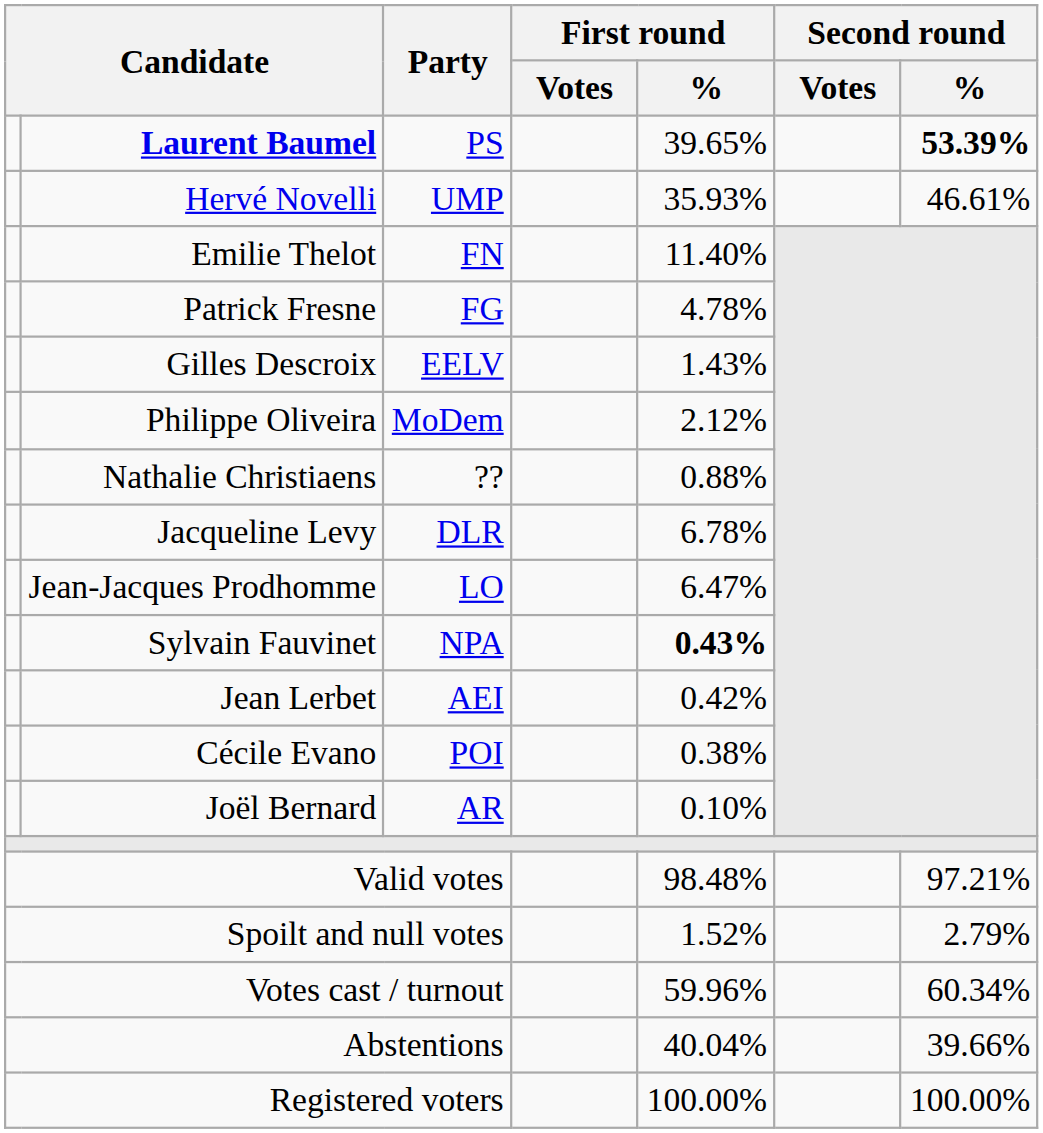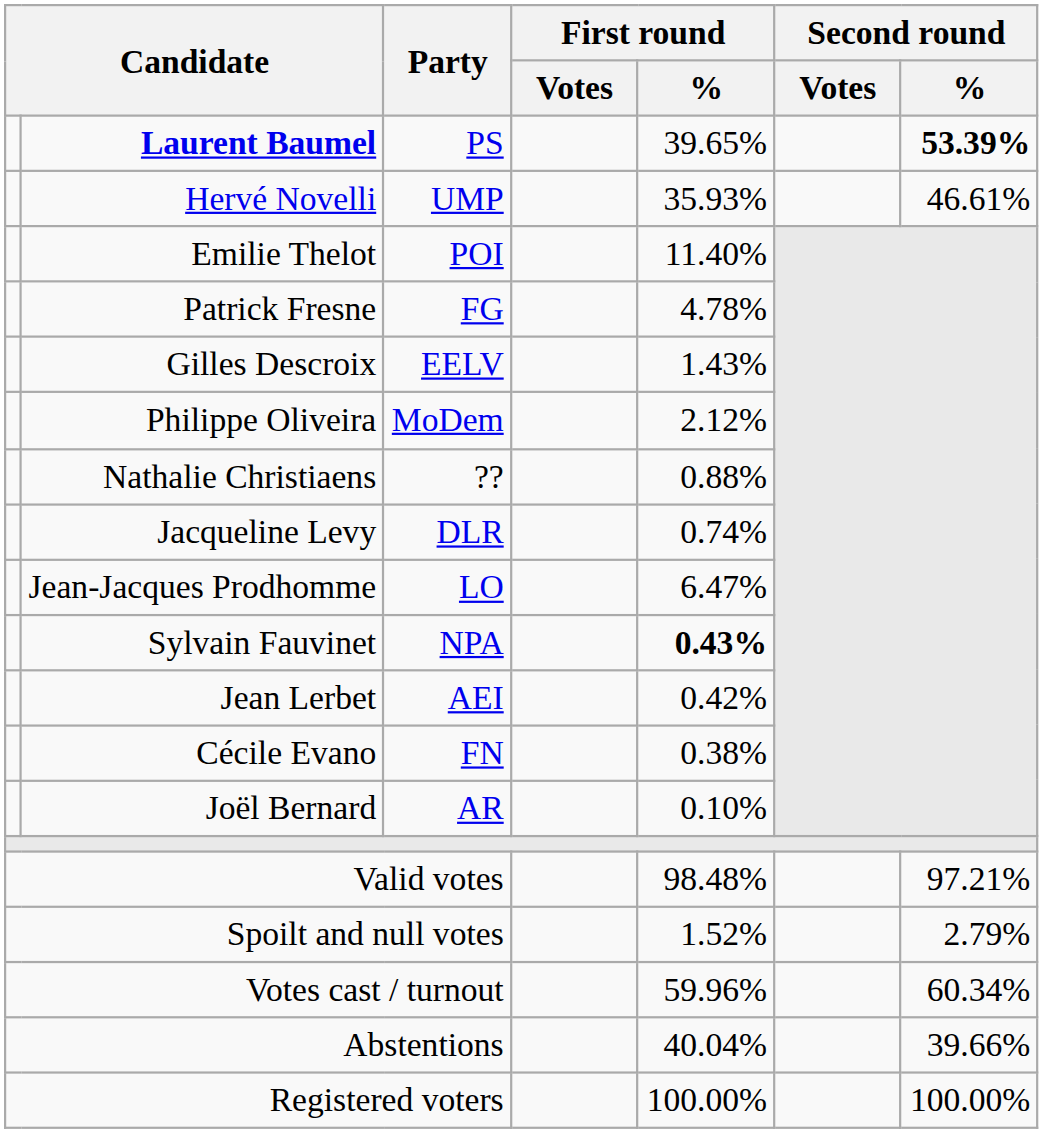 <table class="wikitable" style="text-align:right;font-size:95%;">
 <tr>
 <th rowspan=2 colspan=2>Candidate</th>
 <th rowspan=2 colspan=1>Party</th>
 <th colspan=2>First round</th>
 <th colspan=2>Second round</th>
 </tr>
 <tr>
 <th style="width:50px;">Votes</th>
 <th style="width:55px;">%</th>
 <th style="width:50px;">Votes</th>
 <th style="width:55px;">%</th>
 </tr>
 <tr>
 <td style="color:inherit;background-color:"></td>
 <td><strong><a href='#'>Laurent Baumel</a></strong></td>
 <td><a href='#'>PS</a></td>
 <td></td>
 <td>39.65%</td>
 <td><strong></strong></td>
 <td><strong>53.39%</strong></td>
 </tr>
 <tr>
 <td style="color:inherit;background-color:"></td>
 <td><a href='#'>Hervé Novelli</a></td>
 <td><a href='#'>UMP</a></td>
 <td></td>
 <td>35.93%</td>
 <td></td>
 <td>46.61%</td>
 </tr>
 <tr>
 <td style="color:inherit;background-color:"></td>
 <td>Emilie Thelot</td>
-<td><a href='#'>FN</a></td>
+<td><a href='#'>POI</a></td>
 <td></td>
 <td>11.40%</td>
 <td colspan=7 rowspan=11 style="background-color:#E9E9E9;"></td>
 </tr>
 <tr>
 <td style="color:inherit;background-color:"></td>
 <td>Patrick Fresne</td>
 <td><a href='#'>FG</a></td>
 <td></td>
 <td>4.78%</td>
 </tr>
 <tr>
 <td style="color:inherit;background-color:"></td>
 <td>Gilles Descroix</td>
 <td><a href='#'>EELV</a></td>
 <td></td>
 <td>1.43%</td>
 </tr>
 <tr>
 <td style="color:inherit;background-color:"></td>
 <td>Philippe Oliveira</td>
 <td><a href='#'>MoDem</a></td>
 <td></td>
 <td>2.12%</td>
 </tr>
 <tr>
 <td style="background-color:;"></td>
 <td>Nathalie Christiaens</td>
 <td>??</td>
 <td></td>
 <td>0.88%</td>
 </tr>
 <tr>
 <td style="color:inherit;background-color:"></td>
 <td>Jacqueline Levy</td>
 <td><a href='#'>DLR</a></td>
 <td></td>
-<td>6.78%</td>
+<td>0.74%</td>
 </tr>
 <tr>
 <td style="color:inherit;background-color:"></td>
 <td>Jean-Jacques Prodhomme</td>
 <td><a href='#'>LO</a></td>
 <td></td>
 <td>6.47%</td>
 </tr>
 <tr>
 <td style="color:inherit;background-color:"></td>
 <td>Sylvain Fauvinet</td>
 <td><a href='#'>NPA</a></td>
 <td></td>
 <td><strong>0.43%</strong></td>
 </tr>
 <tr>
 <td style="color:inherit;background-color:"></td>
 <td>Jean Lerbet</td>
 <td><a href='#'>AEI</a></td>
 <td></td>
 <td>0.42%</td>
 </tr>
 <tr>
 <td style="color:inherit;background-color:"></td>
 <td>Cécile Evano</td>
-<td><a href='#'>POI</a></td>
+<td><a href='#'>FN</a></td>
 <td></td>
 <td>0.38%</td>
 </tr>
 <tr>
 <td style="color:inherit;background-color:"></td>
 <td>Joël Bernard</td>
 <td><a href='#'>AR</a></td>
 <td></td>
 <td>0.10%</td>
 </tr>
 <tr>
 <td colspan=7 style="background-color:#E9E9E9;"></td>
 </tr>
 <tr>
 <td colspan=3>Valid votes</td>
 <td></td>
 <td>98.48%</td>
 <td></td>
 <td>97.21%</td>
 </tr>
 <tr>
 <td colspan=3>Spoilt and null votes</td>
 <td></td>
 <td>1.52%</td>
 <td></td>
 <td>2.79%</td>
 </tr>
 <tr>
 <td colspan=3>Votes cast / turnout</td>
 <td></td>
 <td>59.96%</td>
 <td></td>
 <td>60.34%</td>
 </tr>
 <tr>
 <td colspan=3>Abstentions</td>
 <td></td>
 <td>40.04%</td>
 <td></td>
 <td>39.66%</td>
 </tr>
 <tr>
 <td colspan=3>Registered voters</td>
 <td></td>
 <td>100.00%</td>
 <td></td>
 <td>100.00%</td>
 </tr>
 </table>
